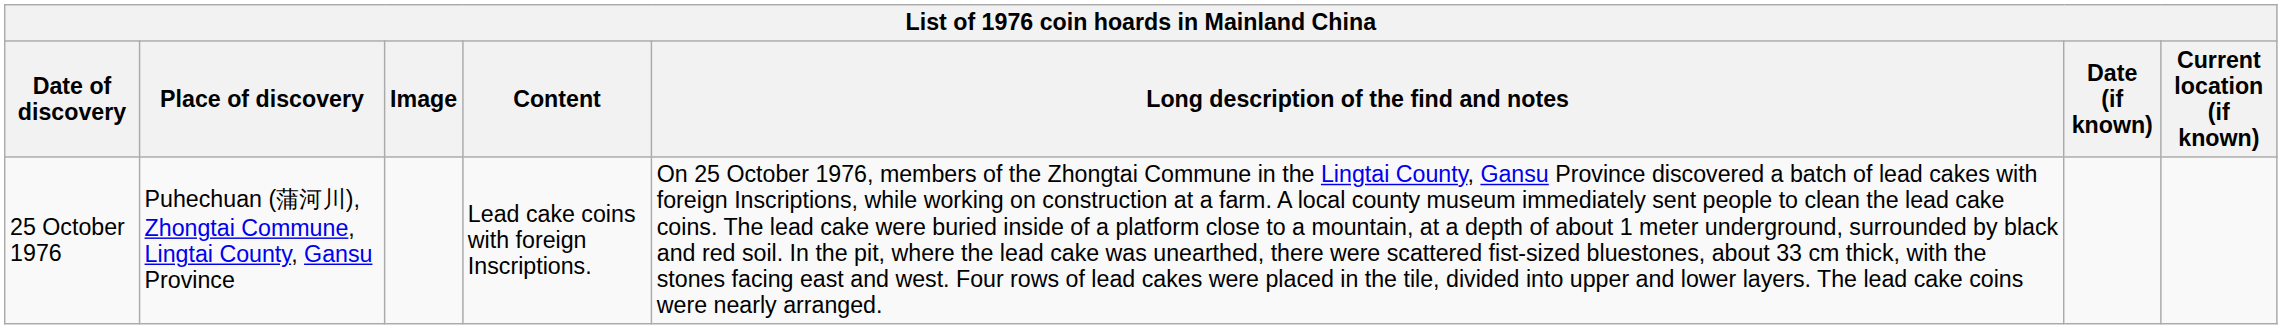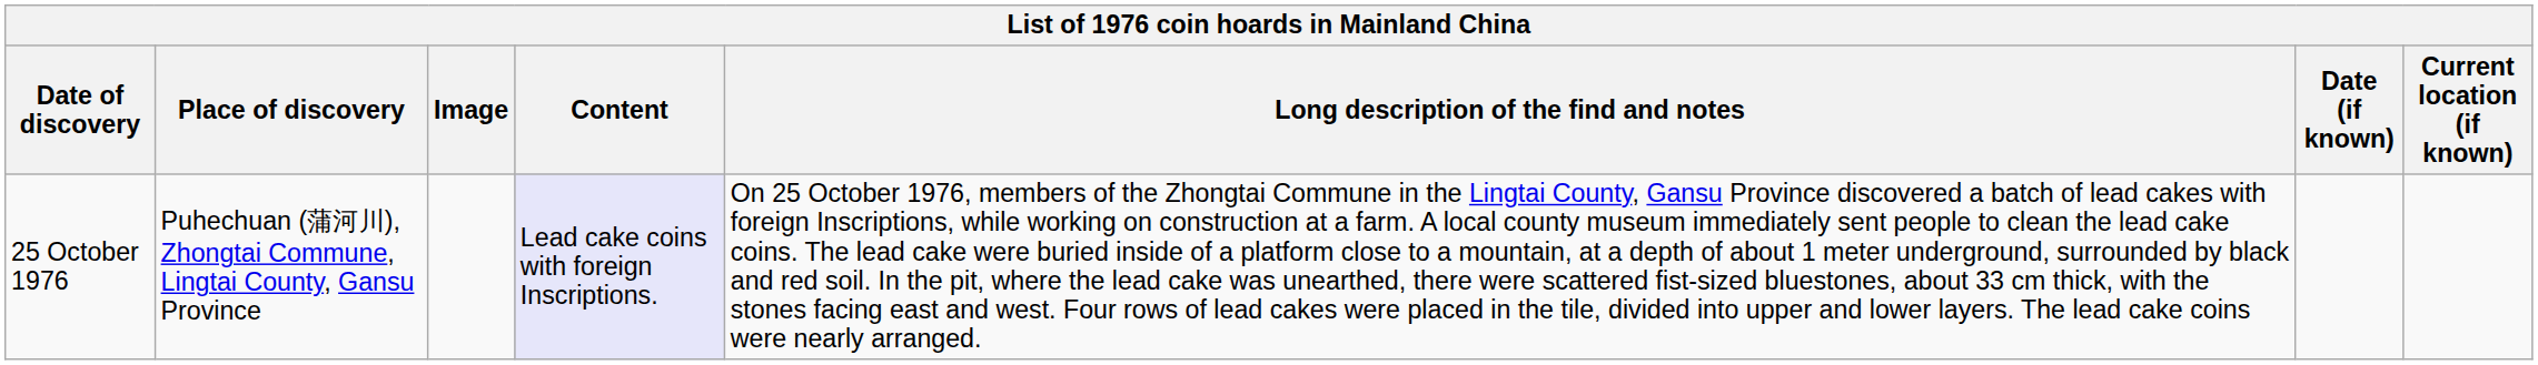 <table class="wikitable" style="font-size: 100%">
 <tr>
 <th colspan=7>List of 1976 coin hoards in Mainland China</th>
 </tr>
 <tr>
 <th>Date of discovery</th>
 <th>Place of discovery</th>
 <th>Image</th>
 <th>Content</th>
 <th>Long description of the find and notes</th>
 <th>Date<br>(if known)</th>
 <th>Current location<br>(if known)</th>
 </tr>
 <tr>
 <td>25 October 1976</td>
 <td>Puhechuan (蒲河川), <a href='#'>Zhongtai Commune</a>, <a href='#'>Lingtai County</a>, <a href='#'>Gansu</a> Province</td>
 <td></td>
-<td>Lead cake coins with foreign Inscriptions.</td>
+<td style="background: lavender;">Lead cake coins with foreign Inscriptions.</td>
 <td>On 25 October 1976, members of the Zhongtai Commune in the <a href='#'>Lingtai County</a>, <a href='#'>Gansu</a> Province discovered a batch of lead cakes with foreign Inscriptions, while working on construction at a farm. A local county museum immediately sent people to clean the lead cake coins. The lead cake were buried inside of a platform close to a mountain, at a depth of about 1 meter underground, surrounded by black and red soil. In the pit, where the lead cake was unearthed, there were scattered fist-sized bluestones, about 33 cm thick, with the stones facing east and west. Four rows of lead cakes were placed in the tile, divided into upper and lower layers. The lead cake coins were nearly arranged.</td>
 <td></td>
 <td></td>
 </tr>
 </table>
